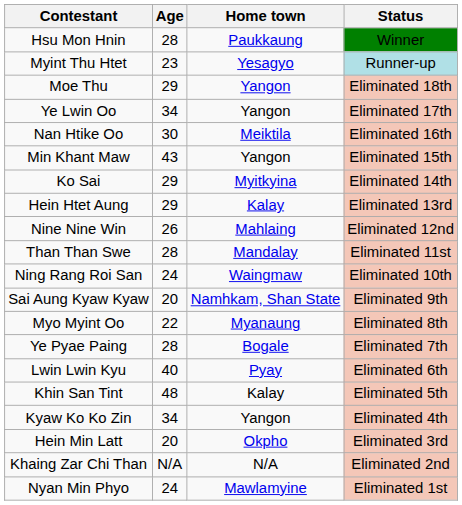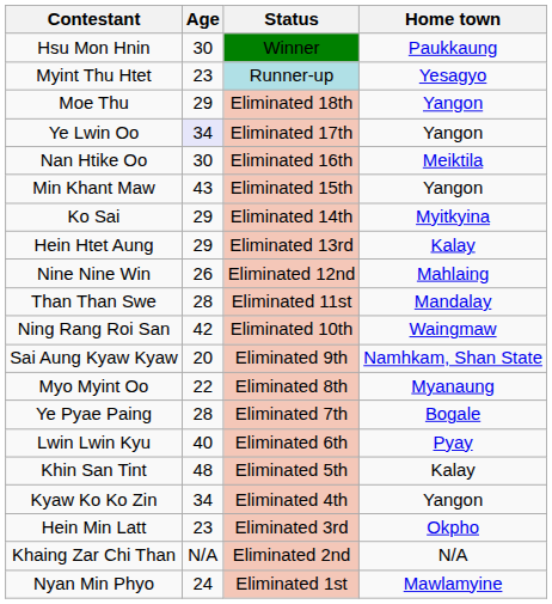 <table class= "wikitable sortable" style="text-align: center; margin:auto; align: center">
 <tr>
 <th>Contestant</th>
 <th>Age</th>
+<th>Status</th>
 <th>Home town</th>
-<th>Status</th>
 </tr>
 <tr>
 <td>Hsu Mon Hnin</td>
-<td>28</td>
+<td>30</td>
+<td style="background:green;"><span>Winner</span></td>
 <td><a href='#'>Paukkaung</a></td>
-<td style="background:green;"><span>Winner</span></td>
 </tr>
 <tr>
 <td>Myint Thu Htet</td>
 <td>23</td>
+<td style="background:#B0E0E6;">Runner-up</td>
 <td><a href='#'>Yesagyo</a></td>
-<td style="background:#B0E0E6;">Runner-up</td>
 </tr>
 <tr>
 <td>Moe Thu</td>
 <td>29</td>
+<td bgcolor="#F4C7B8">Eliminated 18th</td>
 <td><a href='#'>Yangon</a></td>
-<td bgcolor="#F4C7B8">Eliminated 18th</td>
 </tr>
 <tr>
 <td>Ye Lwin Oo</td>
-<td>34</td>
+<td style="background: lavender;">34</td>
+<td bgcolor="#F4C7B8">Eliminated 17th</td>
 <td>Yangon</td>
-<td bgcolor="#F4C7B8">Eliminated 17th</td>
 </tr>
 <tr>
 <td>Nan Htike Oo</td>
 <td>30</td>
+<td bgcolor="#F4C7B8">Eliminated 16th</td>
 <td><a href='#'>Meiktila</a></td>
-<td bgcolor="#F4C7B8">Eliminated 16th</td>
 </tr>
 <tr>
 <td>Min Khant Maw</td>
 <td>43</td>
+<td bgcolor="#F4C7B8">Eliminated 15th</td>
 <td>Yangon</td>
-<td bgcolor="#F4C7B8">Eliminated 15th</td>
 </tr>
 <tr>
 <td>Ko Sai</td>
 <td>29</td>
+<td bgcolor="#F4C7B8">Eliminated 14th</td>
 <td><a href='#'>Myitkyina</a></td>
-<td bgcolor="#F4C7B8">Eliminated 14th</td>
 </tr>
 <tr>
 <td>Hein Htet Aung</td>
 <td>29</td>
+<td bgcolor="#F4C7B8">Eliminated 13rd</td>
 <td><a href='#'>Kalay</a></td>
-<td bgcolor="#F4C7B8">Eliminated 13rd</td>
 </tr>
 <tr>
 <td>Nine Nine Win</td>
 <td>26</td>
+<td bgcolor="#F4C7B8">Eliminated 12nd</td>
 <td><a href='#'>Mahlaing</a></td>
-<td bgcolor="#F4C7B8">Eliminated 12nd</td>
 </tr>
 <tr>
 <td>Than Than Swe</td>
 <td>28</td>
+<td bgcolor="#F4C7B8">Eliminated 11st</td>
 <td><a href='#'>Mandalay</a></td>
-<td bgcolor="#F4C7B8">Eliminated 11st</td>
 </tr>
 <tr>
 <td>Ning Rang Roi San</td>
-<td>24</td>
+<td>42</td>
+<td bgcolor="#F4C7B8">Eliminated 10th</td>
 <td><a href='#'>Waingmaw</a></td>
-<td bgcolor="#F4C7B8">Eliminated 10th</td>
 </tr>
 <tr>
 <td>Sai Aung Kyaw Kyaw</td>
 <td>20</td>
+<td bgcolor="#F4C7B8">Eliminated 9th</td>
 <td><a href='#'>Namhkam, Shan State</a></td>
-<td bgcolor="#F4C7B8">Eliminated 9th</td>
 </tr>
 <tr>
 <td>Myo Myint Oo</td>
 <td>22</td>
+<td bgcolor="#F4C7B8">Eliminated 8th</td>
 <td><a href='#'>Myanaung</a></td>
-<td bgcolor="#F4C7B8">Eliminated 8th</td>
 </tr>
 <tr>
 <td>Ye Pyae Paing</td>
 <td>28</td>
+<td bgcolor="#F4C7B8">Eliminated 7th</td>
 <td><a href='#'>Bogale</a></td>
-<td bgcolor="#F4C7B8">Eliminated 7th</td>
 </tr>
 <tr>
 <td>Lwin Lwin Kyu</td>
 <td>40</td>
+<td bgcolor="#F4C7B8">Eliminated 6th</td>
 <td><a href='#'>Pyay</a></td>
-<td bgcolor="#F4C7B8">Eliminated 6th</td>
 </tr>
 <tr>
 <td>Khin San Tint</td>
 <td>48</td>
+<td bgcolor="#F4C7B8">Eliminated 5th</td>
 <td>Kalay</td>
-<td bgcolor="#F4C7B8">Eliminated 5th</td>
 </tr>
 <tr>
 <td>Kyaw Ko Ko Zin</td>
 <td>34</td>
+<td bgcolor="#F4C7B8">Eliminated 4th</td>
 <td>Yangon</td>
-<td bgcolor="#F4C7B8">Eliminated 4th</td>
 </tr>
 <tr>
 <td>Hein Min Latt</td>
-<td>20</td>
+<td>23</td>
+<td bgcolor="#F4C7B8">Eliminated 3rd</td>
 <td><a href='#'>Okpho</a></td>
-<td bgcolor="#F4C7B8">Eliminated 3rd</td>
 </tr>
 <tr>
 <td>Khaing Zar Chi Than</td>
 <td>N/A</td>
+<td bgcolor="#F4C7B8">Eliminated 2nd</td>
 <td>N/A</td>
-<td bgcolor="#F4C7B8">Eliminated 2nd</td>
 </tr>
 <tr>
 <td>Nyan Min Phyo</td>
 <td>24</td>
+<td bgcolor="#F4C7B8">Eliminated 1st</td>
 <td><a href='#'>Mawlamyine</a></td>
-<td bgcolor="#F4C7B8">Eliminated 1st</td>
 </tr>
 </table>
